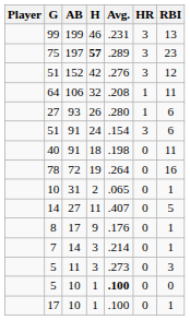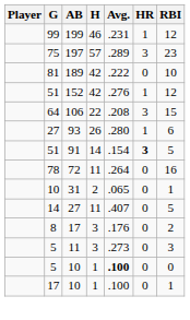 <table class="wikitable sortable">
 <tr>
 <th>Player</th>
 <th>G</th>
 <th>AB</th>
 <th>H</th>
 <th>Avg.</th>
 <th>HR</th>
 <th>RBI</th>
 </tr>
 <tr align="center">
 <td></td>
 <td>99</td>
 <td>199</td>
 <td>46</td>
 <td>.231</td>
-<td>3</td>
-<td>13</td>
+<td>1</td>
+<td>12</td>
 </tr>
 <tr align="center">
 <td></td>
 <td>75</td>
 <td>197</td>
-<td><strong>57</strong></td>
+<td>57</td>
 <td>.289</td>
 <td>3</td>
 <td>23</td>
+</tr>
+<tr align="center">
+<td></td>
+<td>81</td>
+<td>189</td>
+<td>42</td>
+<td>.222</td>
+<td>0</td>
+<td>10</td>
 </tr>
 <tr align="center">
 <td></td>
 <td>51</td>
 <td>152</td>
 <td>42</td>
 <td>.276</td>
-<td>3</td>
+<td>1</td>
 <td>12</td>
 </tr>
 <tr align="center">
 <td></td>
 <td>64</td>
 <td>106</td>
-<td>32</td>
+<td>22</td>
 <td>.208</td>
-<td>1</td>
-<td>11</td>
+<td>3</td>
+<td>15</td>
 </tr>
 <tr align="center">
 <td></td>
 <td>27</td>
 <td>93</td>
 <td>26</td>
 <td>.280</td>
 <td>1</td>
 <td>6</td>
 </tr>
 <tr align="center">
 <td></td>
 <td>51</td>
 <td>91</td>
-<td>24</td>
+<td>14</td>
 <td>.154</td>
-<td>3</td>
-<td>6</td>
-</tr>
-<tr align="center">
-<td></td>
-<td>40</td>
-<td>91</td>
-<td>18</td>
-<td>.198</td>
-<td>0</td>
-<td>11</td>
+<td><strong>3</strong></td>
+<td>5</td>
 </tr>
 <tr align="center">
 <td></td>
 <td>78</td>
 <td>72</td>
-<td>19</td>
+<td>11</td>
 <td>.264</td>
 <td>0</td>
 <td>16</td>
 </tr>
 <tr align="center">
 <td></td>
 <td>10</td>
 <td>31</td>
 <td>2</td>
 <td>.065</td>
 <td>0</td>
 <td>1</td>
 </tr>
 <tr align="center">
 <td></td>
 <td>14</td>
 <td>27</td>
 <td>11</td>
 <td>.407</td>
 <td>0</td>
 <td>5</td>
 </tr>
 <tr align="center">
 <td></td>
 <td>8</td>
 <td>17</td>
-<td>9</td>
+<td>3</td>
 <td>.176</td>
 <td>0</td>
-<td>1</td>
-</tr>
-<tr align="center">
-<td></td>
-<td>7</td>
-<td>14</td>
-<td>3</td>
-<td>.214</td>
-<td>0</td>
-<td>1</td>
+<td>2</td>
 </tr>
 <tr align="center">
 <td></td>
 <td>5</td>
 <td>11</td>
 <td>3</td>
 <td>.273</td>
 <td>0</td>
 <td>3</td>
 </tr>
 <tr align="center">
 <td></td>
 <td>5</td>
 <td>10</td>
 <td>1</td>
 <td><strong>.100</strong></td>
 <td>0</td>
 <td>0</td>
 </tr>
 <tr align="center">
 <td></td>
 <td>17</td>
 <td>10</td>
 <td>1</td>
 <td>.100</td>
 <td>0</td>
 <td>1</td>
 </tr>
 </table>
